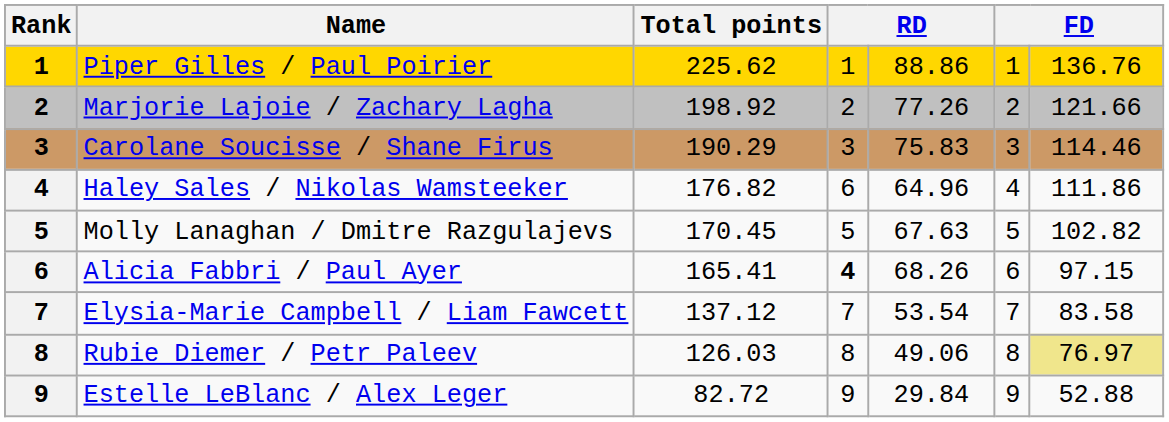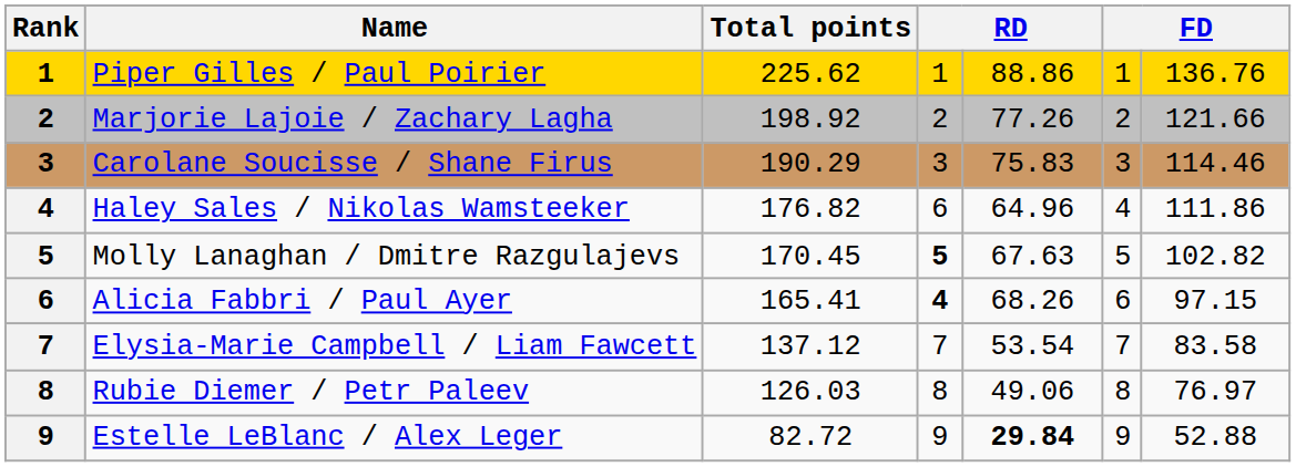 <table class="wikitable sortable">
 <tr>
 <th>Rank</th>
 <th>Name</th>
 <th>Total points</th>
 <th colspan="2" width="80px"><a href='#'>RD</a></th>
 <th colspan="2" width="80px"><a href='#'>FD</a></th>
 </tr>
 <tr bgcolor="gold">
 <td align="center"><strong>1</strong></td>
 <td><a href='#'>Piper Gilles</a> / <a href='#'>Paul Poirier</a></td>
 <td align="center">225.62</td>
 <td align="center">1</td>
 <td align="center">88.86</td>
 <td align="center">1</td>
 <td align="center">136.76</td>
 </tr>
 <tr bgcolor="silver">
 <td align="center"><strong>2</strong></td>
 <td><a href='#'>Marjorie Lajoie</a> / <a href='#'>Zachary Lagha</a></td>
 <td align="center">198.92</td>
 <td align="center">2</td>
 <td align="center">77.26</td>
 <td align="center">2</td>
 <td align="center">121.66</td>
 </tr>
 <tr bgcolor="cc9966">
 <td align="center"><strong>3</strong></td>
 <td><a href='#'>Carolane Soucisse</a> / <a href='#'>Shane Firus</a></td>
 <td align="center">190.29</td>
 <td align="center">3</td>
 <td align="center">75.83</td>
 <td align="center">3</td>
 <td align="center">114.46</td>
 </tr>
 <tr>
 <th>4</th>
 <td><a href='#'>Haley Sales</a> / <a href='#'>Nikolas Wamsteeker</a></td>
 <td align="center">176.82</td>
 <td align="center">6</td>
 <td align="center">64.96</td>
 <td align="center">4</td>
 <td align="center">111.86</td>
 </tr>
 <tr>
 <th>5</th>
 <td>Molly Lanaghan / Dmitre Razgulajevs</td>
 <td align="center">170.45</td>
-<td align="center">5</td>
+<td align="center"><strong>5</strong></td>
 <td align="center">67.63</td>
 <td align="center">5</td>
 <td align="center">102.82</td>
 </tr>
 <tr>
 <th>6</th>
 <td><a href='#'>Alicia Fabbri</a> / <a href='#'>Paul Ayer</a></td>
 <td align="center">165.41</td>
 <td align="center"><strong>4</strong></td>
 <td align="center">68.26</td>
 <td align="center">6</td>
 <td align="center">97.15</td>
 </tr>
 <tr>
 <th>7</th>
 <td><a href='#'>Elysia-Marie Campbell</a> / <a href='#'>Liam Fawcett</a></td>
 <td align="center">137.12</td>
 <td align="center">7</td>
 <td align="center">53.54</td>
 <td align="center">7</td>
 <td align="center">83.58</td>
 </tr>
 <tr>
 <th>8</th>
 <td><a href='#'>Rubie Diemer</a> / <a href='#'>Petr Paleev</a></td>
 <td align="center">126.03</td>
 <td align="center">8</td>
 <td align="center">49.06</td>
 <td align="center">8</td>
-<td align="center" style="background: khaki;">76.97</td>
+<td align="center">76.97</td>
 </tr>
 <tr>
 <th>9</th>
 <td><a href='#'>Estelle LeBlanc</a> / <a href='#'>Alex Leger</a></td>
 <td align="center">82.72</td>
 <td align="center">9</td>
-<td align="center">29.84</td>
+<td align="center"><strong>29.84</strong></td>
 <td align="center">9</td>
 <td align="center">52.88</td>
 </tr>
 </table>
